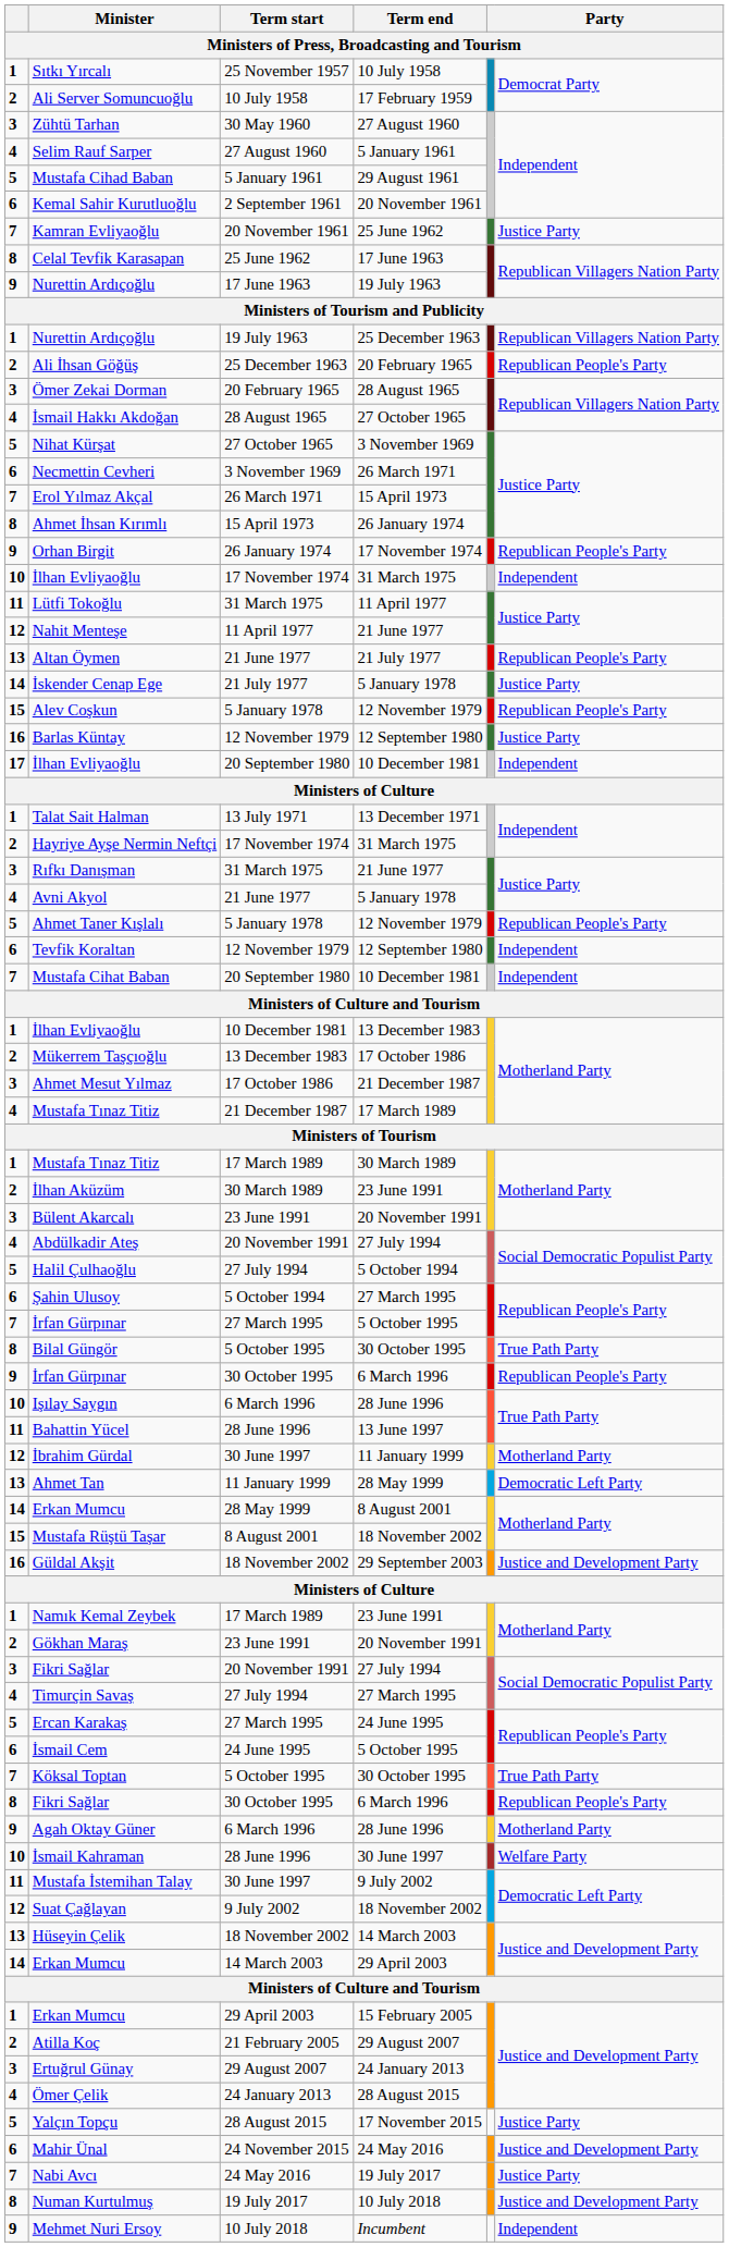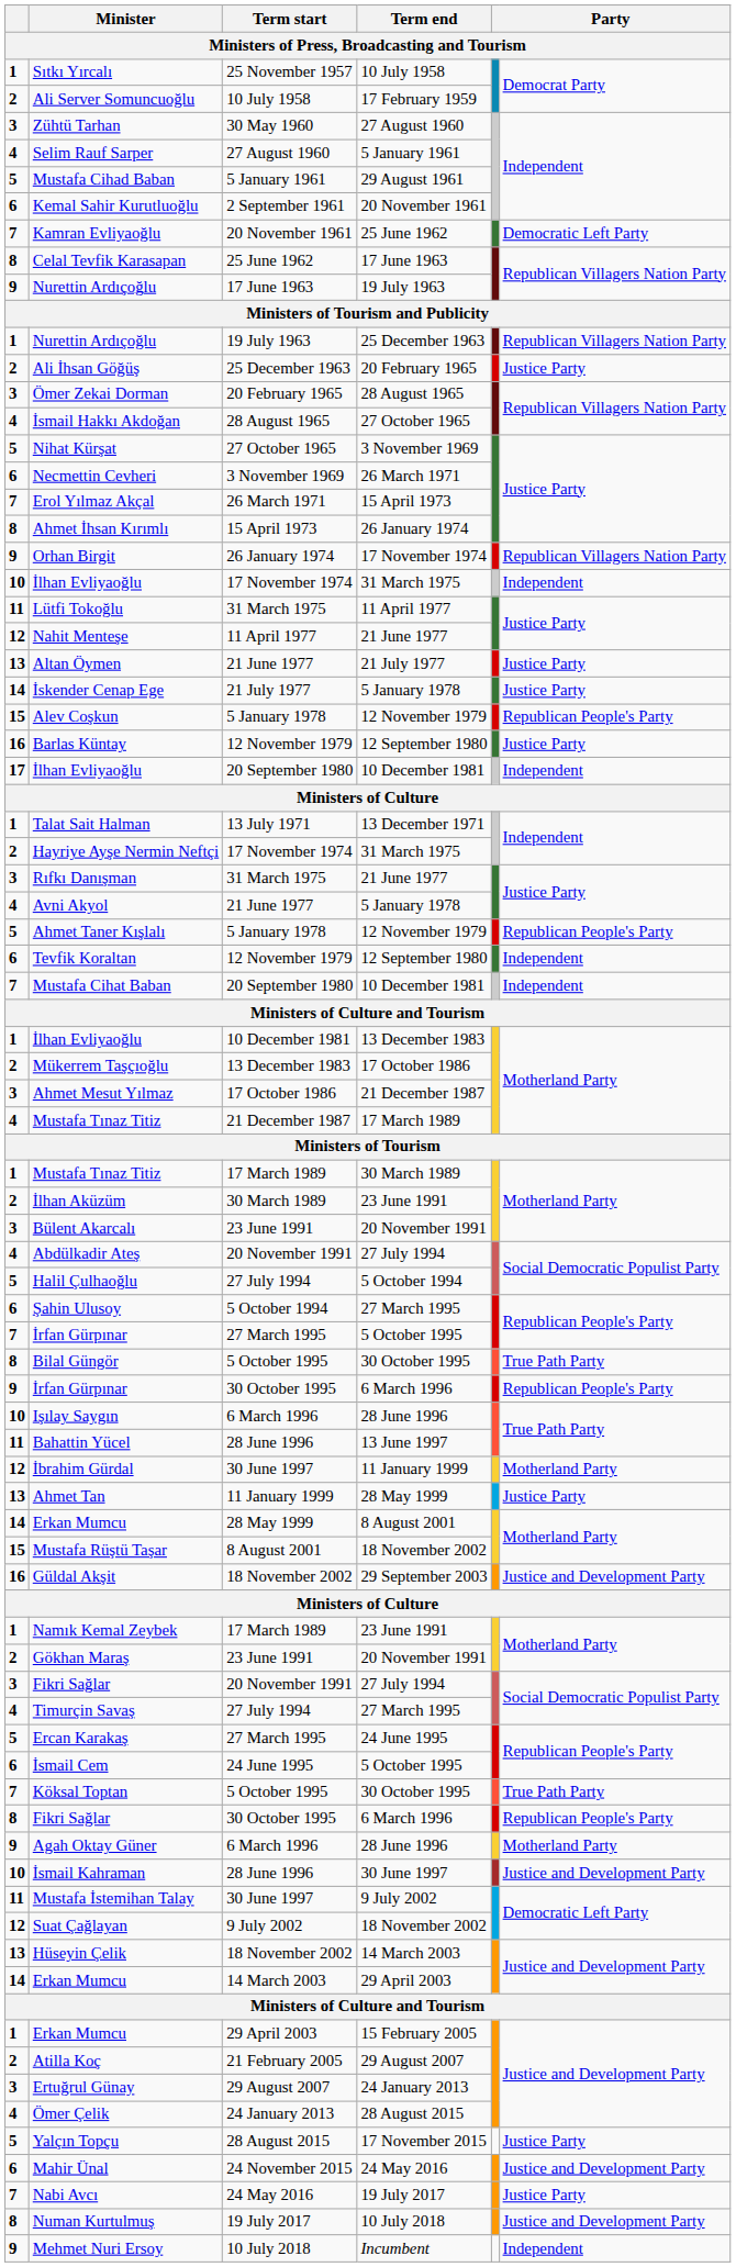 <table class="wikitable sortable" style="font-size:90%;">
 <tr>
 <th></th>
 <th>Minister</th>
 <th>Term start</th>
 <th>Term end</th>
 <th colspan=2>Party</th>
 </tr>
 <tr>
 <th colspan=10>Ministers of Press, Broadcasting and Tourism<br></th>
 </tr>
 <tr>
 <td><strong>1</strong></td>
 <td><a href='#'>Sıtkı Yırcalı</a></td>
 <td>25 November 1957</td>
 <td>10 July 1958</td>
 <td rowspan=2 style="background: #0989B3"></td>
 <td rowspan=2><a href='#'>Democrat Party</a></td>
 </tr>
 <tr>
 <td><strong>2</strong></td>
 <td><a href='#'>Ali Server Somuncuoğlu</a></td>
 <td>10 July 1958</td>
 <td>17 February 1959</td>
 </tr>
 <tr>
 <td><strong>3</strong></td>
 <td><a href='#'>Zühtü Tarhan</a></td>
 <td>30 May 1960</td>
 <td>27 August 1960</td>
 <td rowspan=4 style="background:#CCCCCC"></td>
 <td rowspan=4><a href='#'>Independent</a></td>
 </tr>
 <tr>
 <td><strong>4</strong></td>
 <td><a href='#'>Selim Rauf Sarper</a></td>
 <td>27 August 1960</td>
 <td>5 January 1961</td>
 </tr>
 <tr>
 <td><strong>5</strong></td>
 <td><a href='#'>Mustafa Cihad Baban</a></td>
 <td>5 January 1961</td>
 <td>29 August 1961</td>
 </tr>
 <tr>
 <td><strong>6</strong></td>
 <td><a href='#'>Kemal Sahir Kurutluoğlu</a></td>
 <td>2 September 1961</td>
 <td>20 November 1961</td>
 </tr>
 <tr>
 <td><strong>7</strong></td>
 <td><a href='#'>Kamran Evliyaoğlu</a></td>
 <td>20 November 1961</td>
 <td>25 June 1962</td>
 <td style="background: #367534"></td>
-<td><a href='#'>Justice Party</a></td>
+<td><a href='#'>Democratic Left Party</a></td>
 </tr>
 <tr>
 <td><strong>8</strong></td>
 <td><a href='#'>Celal Tevfik Karasapan</a></td>
 <td>25 June 1962</td>
 <td>17 June 1963</td>
 <td rowspan=2 style="background: #610B0B"></td>
 <td rowspan=2><a href='#'>Republican Villagers Nation Party</a></td>
 </tr>
 <tr>
 <td><strong>9</strong></td>
 <td><a href='#'>Nurettin Ardıçoğlu</a></td>
 <td>17 June 1963</td>
 <td>19 July 1963</td>
 </tr>
 <tr>
 <th colspan=10>Ministers of Tourism and Publicity<br></th>
 </tr>
 <tr>
 <td><strong>1</strong></td>
 <td><a href='#'>Nurettin Ardıçoğlu</a></td>
 <td>19 July 1963</td>
 <td>25 December 1963</td>
 <td style="background: #610B0B"></td>
 <td><a href='#'>Republican Villagers Nation Party</a></td>
 </tr>
 <tr>
 <td><strong>2</strong></td>
 <td><a href='#'>Ali İhsan Göğüş</a></td>
 <td>25 December 1963</td>
 <td>20 February 1965</td>
 <td style="background: #D70000"></td>
-<td><a href='#'>Republican People's Party</a></td>
+<td><a href='#'>Justice Party</a></td>
 </tr>
 <tr>
 <td><strong>3</strong></td>
 <td><a href='#'>Ömer Zekai Dorman</a></td>
 <td>20 February 1965</td>
 <td>28 August 1965</td>
 <td rowspan=2 style="background: #610B0B"></td>
 <td rowspan=2><a href='#'>Republican Villagers Nation Party</a></td>
 </tr>
 <tr>
 <td><strong>4</strong></td>
 <td><a href='#'>İsmail Hakkı Akdoğan</a></td>
 <td>28 August 1965</td>
 <td>27 October 1965</td>
 </tr>
 <tr>
 <td><strong>5</strong></td>
 <td><a href='#'>Nihat Kürşat</a></td>
 <td>27 October 1965</td>
 <td>3 November 1969</td>
 <td rowspan=4 style="background: #367534"></td>
 <td rowspan=4><a href='#'>Justice Party</a></td>
 </tr>
 <tr>
 <td><strong>6</strong></td>
 <td><a href='#'>Necmettin Cevheri</a></td>
 <td>3 November 1969</td>
 <td>26 March 1971</td>
 </tr>
 <tr>
 <td><strong>7</strong></td>
 <td><a href='#'>Erol Yılmaz Akçal</a></td>
 <td>26 March 1971</td>
 <td>15 April 1973</td>
 </tr>
 <tr>
 <td><strong>8</strong></td>
 <td><a href='#'>Ahmet İhsan Kırımlı</a></td>
 <td>15 April 1973</td>
 <td>26 January 1974</td>
 </tr>
 <tr>
 <td><strong>9</strong></td>
 <td><a href='#'>Orhan Birgit</a></td>
 <td>26 January 1974</td>
 <td>17 November 1974</td>
 <td style="background: #D70000"></td>
-<td><a href='#'>Republican People's Party</a></td>
+<td><a href='#'>Republican Villagers Nation Party</a></td>
 </tr>
 <tr>
 <td><strong>10</strong></td>
 <td><a href='#'>İlhan Evliyaoğlu</a></td>
 <td>17 November 1974</td>
 <td>31 March 1975</td>
 <td style="background: #CCCCCC"></td>
 <td><a href='#'>Independent</a></td>
 </tr>
 <tr>
 <td><strong>11</strong></td>
 <td><a href='#'>Lütfi Tokoğlu</a></td>
 <td>31 March 1975</td>
 <td>11 April 1977</td>
 <td rowspan=2 style="background: #367534"></td>
 <td rowspan=2><a href='#'>Justice Party</a></td>
 </tr>
 <tr>
 <td><strong>12</strong></td>
 <td><a href='#'>Nahit Menteşe</a></td>
 <td>11 April 1977</td>
 <td>21 June 1977</td>
 </tr>
 <tr>
 <td><strong>13</strong></td>
 <td><a href='#'>Altan Öymen</a></td>
 <td>21 June 1977</td>
 <td>21 July 1977</td>
 <td style="background: #D70000"></td>
-<td><a href='#'>Republican People's Party</a></td>
+<td><a href='#'>Justice Party</a></td>
 </tr>
 <tr>
 <td><strong>14</strong></td>
 <td><a href='#'>İskender Cenap Ege</a></td>
 <td>21 July 1977</td>
 <td>5 January 1978</td>
 <td style="background: #367534"></td>
 <td><a href='#'>Justice Party</a></td>
 </tr>
 <tr>
 <td><strong>15</strong></td>
 <td><a href='#'>Alev Coşkun</a></td>
 <td>5 January 1978</td>
 <td>12 November 1979</td>
 <td style="background: #D70000"></td>
 <td><a href='#'>Republican People's Party</a></td>
 </tr>
 <tr>
 <td><strong>16</strong></td>
 <td><a href='#'>Barlas Küntay</a></td>
 <td>12 November 1979</td>
 <td>12 September 1980</td>
 <td style="background: #367534"></td>
 <td><a href='#'>Justice Party</a></td>
 </tr>
 <tr>
 <td><strong>17</strong></td>
 <td><a href='#'>İlhan Evliyaoğlu</a></td>
 <td>20 September 1980</td>
 <td>10 December 1981</td>
 <td style="background: #CCCCCC"></td>
 <td><a href='#'>Independent</a></td>
 </tr>
 <tr>
 <th colspan=10>Ministers of Culture<br></th>
 </tr>
 <tr>
 <td><strong>1</strong></td>
 <td><a href='#'>Talat Sait Halman</a></td>
 <td>13 July 1971</td>
 <td>13 December 1971</td>
 <td rowspan=2 style="background: #CCCCCC"></td>
 <td rowspan=2><a href='#'>Independent</a></td>
 </tr>
 <tr>
 <td><strong>2</strong></td>
 <td><a href='#'>Hayriye Ayşe Nermin Neftçi</a></td>
 <td>17 November 1974</td>
 <td>31 March 1975</td>
 </tr>
 <tr>
 <td><strong>3</strong></td>
 <td><a href='#'>Rıfkı Danışman</a></td>
 <td>31 March 1975</td>
 <td>21 June 1977</td>
 <td rowspan=2 style="background: #367534"></td>
 <td rowspan=2><a href='#'>Justice Party</a></td>
 </tr>
 <tr>
 <td><strong>4</strong></td>
 <td><a href='#'>Avni Akyol</a></td>
 <td>21 June 1977</td>
 <td>5 January 1978</td>
 </tr>
 <tr>
 <td><strong>5</strong></td>
 <td><a href='#'>Ahmet Taner Kışlalı</a></td>
 <td>5 January 1978</td>
 <td>12 November 1979</td>
 <td style="background: #D70000"></td>
 <td><a href='#'>Republican People's Party</a></td>
 </tr>
 <tr>
 <td><strong>6</strong></td>
 <td><a href='#'>Tevfik Koraltan</a></td>
 <td>12 November 1979</td>
 <td>12 September 1980</td>
 <td style="background: #367534"></td>
 <td><a href='#'>Independent</a></td>
 </tr>
 <tr>
 <td><strong>7</strong></td>
 <td><a href='#'>Mustafa Cihat Baban</a></td>
 <td>20 September 1980</td>
 <td>10 December 1981</td>
 <td style="background: #CCCCCC"></td>
 <td><a href='#'>Independent</a></td>
 </tr>
 <tr>
 <th colspan=10>Ministers of Culture and Tourism<br></th>
 </tr>
 <tr>
 <td><strong>1</strong></td>
 <td><a href='#'>İlhan Evliyaoğlu</a></td>
 <td>10 December 1981</td>
 <td>13 December 1983</td>
 <td rowspan=4 style="background: #FAD032"></td>
 <td rowspan=4><a href='#'>Motherland Party</a></td>
 </tr>
 <tr>
 <td><strong>2</strong></td>
 <td><a href='#'>Mükerrem Taşçıoğlu</a></td>
 <td>13 December 1983</td>
 <td>17 October 1986</td>
 </tr>
 <tr>
 <td><strong>3</strong></td>
 <td><a href='#'>Ahmet Mesut Yılmaz</a></td>
 <td>17 October 1986</td>
 <td>21 December 1987</td>
 </tr>
 <tr>
 <td><strong>4</strong></td>
 <td><a href='#'>Mustafa Tınaz Titiz</a></td>
 <td>21 December 1987</td>
 <td>17 March 1989</td>
 </tr>
 <tr>
 <th colspan=10>Ministers of Tourism<br></th>
 </tr>
 <tr>
 <td><strong>1</strong></td>
 <td><a href='#'>Mustafa Tınaz Titiz</a></td>
 <td>17 March 1989</td>
 <td>30 March 1989</td>
 <td rowspan=3 style="background: #FAD032"></td>
 <td rowspan=3><a href='#'>Motherland Party</a></td>
 </tr>
 <tr>
 <td><strong>2</strong></td>
 <td><a href='#'>İlhan Aküzüm</a></td>
 <td>30 March 1989</td>
 <td>23 June 1991</td>
 </tr>
 <tr>
 <td><strong>3</strong></td>
 <td><a href='#'>Bülent Akarcalı</a></td>
 <td>23 June 1991</td>
 <td>20 November 1991</td>
 </tr>
 <tr>
 <td><strong>4</strong></td>
 <td><a href='#'>Abdülkadir Ateş</a></td>
 <td>20 November 1991</td>
 <td>27 July 1994</td>
 <td rowspan=2 style="background: #CD5C5C"></td>
 <td rowspan=2><a href='#'>Social Democratic Populist Party</a></td>
 </tr>
 <tr>
 <td><strong>5</strong></td>
 <td><a href='#'>Halil Çulhaoğlu</a></td>
 <td>27 July 1994</td>
 <td>5 October 1994</td>
 </tr>
 <tr>
 <td><strong>6</strong></td>
 <td><a href='#'>Şahin Ulusoy</a></td>
 <td>5 October 1994</td>
 <td>27 March 1995</td>
 <td rowspan=2 style="background: #D70000"></td>
 <td rowspan=2><a href='#'>Republican People's Party</a></td>
 </tr>
 <tr>
 <td><strong>7</strong></td>
 <td><a href='#'>İrfan Gürpınar</a></td>
 <td>27 March 1995</td>
 <td>5 October 1995</td>
 </tr>
 <tr>
 <td><strong>8</strong></td>
 <td><a href='#'>Bilal Güngör</a></td>
 <td>5 October 1995</td>
 <td>30 October 1995</td>
 <td style="background: #FF5138"></td>
 <td><a href='#'>True Path Party</a></td>
 </tr>
 <tr>
 <td><strong>9</strong></td>
 <td><a href='#'>İrfan Gürpınar</a></td>
 <td>30 October 1995</td>
 <td>6 March 1996</td>
 <td style="background: #D70000"></td>
 <td><a href='#'>Republican People's Party</a></td>
 </tr>
 <tr>
 <td><strong>10</strong></td>
 <td><a href='#'>Işılay Saygın</a></td>
 <td>6 March 1996</td>
 <td>28 June 1996</td>
 <td rowspan=2 style="background: #FF5138"></td>
 <td rowspan=2><a href='#'>True Path Party</a></td>
 </tr>
 <tr>
 <td><strong>11</strong></td>
 <td><a href='#'>Bahattin Yücel</a></td>
 <td>28 June 1996</td>
 <td>13 June 1997</td>
 </tr>
 <tr>
 <td><strong>12</strong></td>
 <td><a href='#'>İbrahim Gürdal</a></td>
 <td>30 June 1997</td>
 <td>11 January 1999</td>
 <td style="background: #FAD032"></td>
 <td><a href='#'>Motherland Party</a></td>
 </tr>
 <tr>
 <td><strong>13</strong></td>
 <td><a href='#'>Ahmet Tan</a></td>
 <td>11 January 1999</td>
 <td>28 May 1999</td>
 <td style="background: #01A7E1"></td>
-<td><a href='#'>Democratic Left Party</a></td>
+<td><a href='#'>Justice Party</a></td>
 </tr>
 <tr>
 <td><strong>14</strong></td>
 <td><a href='#'>Erkan Mumcu</a></td>
 <td>28 May 1999</td>
 <td>8 August 2001</td>
 <td rowspan=2 style="background: #FAD032"></td>
 <td rowspan=2><a href='#'>Motherland Party</a></td>
 </tr>
 <tr>
 <td><strong>15</strong></td>
 <td><a href='#'>Mustafa Rüştü Taşar</a></td>
 <td>8 August 2001</td>
 <td>18 November 2002</td>
 </tr>
 <tr>
 <td><strong>16</strong></td>
 <td><a href='#'>Güldal Akşit</a></td>
 <td>18 November 2002</td>
 <td>29 September 2003</td>
 <td style="background: #FF9901"></td>
 <td><a href='#'>Justice and Development Party</a></td>
 </tr>
 <tr>
 <th colspan=10>Ministers of Culture<br></th>
 </tr>
 <tr>
 <td><strong>1</strong></td>
 <td><a href='#'>Namık Kemal Zeybek</a></td>
 <td>17 March 1989</td>
 <td>23 June 1991</td>
 <td rowspan=2 style="background: #FAD032"></td>
 <td rowspan=2><a href='#'>Motherland Party</a></td>
 </tr>
 <tr>
 <td><strong>2</strong></td>
 <td><a href='#'>Gökhan Maraş</a></td>
 <td>23 June 1991</td>
 <td>20 November 1991</td>
 </tr>
 <tr>
 <td><strong>3</strong></td>
 <td><a href='#'>Fikri Sağlar</a></td>
 <td>20 November 1991</td>
 <td>27 July 1994</td>
 <td rowspan=2 style="background: #CD5C5C"></td>
 <td rowspan=2><a href='#'>Social Democratic Populist Party</a></td>
 </tr>
 <tr>
 <td><strong>4</strong></td>
 <td><a href='#'>Timurçin Savaş</a></td>
 <td>27 July 1994</td>
 <td>27 March 1995</td>
 </tr>
 <tr>
 <td><strong>5</strong></td>
 <td><a href='#'>Ercan Karakaş</a></td>
 <td>27 March 1995</td>
 <td>24 June 1995</td>
 <td rowspan=2 style="background: #D70000"></td>
 <td rowspan=2><a href='#'>Republican People's Party</a></td>
 </tr>
 <tr>
 <td><strong>6</strong></td>
 <td><a href='#'>İsmail Cem</a></td>
 <td>24 June 1995</td>
 <td>5 October 1995</td>
 </tr>
 <tr>
 <td><strong>7</strong></td>
 <td><a href='#'>Köksal Toptan</a></td>
 <td>5 October 1995</td>
 <td>30 October 1995</td>
 <td style="background: #FF5138"></td>
 <td><a href='#'>True Path Party</a></td>
 </tr>
 <tr>
 <td><strong>8</strong></td>
 <td><a href='#'>Fikri Sağlar</a></td>
 <td>30 October 1995</td>
 <td>6 March 1996</td>
 <td style="background: #D70000"></td>
 <td><a href='#'>Republican People's Party</a></td>
 </tr>
 <tr>
 <td><strong>9</strong></td>
 <td><a href='#'>Agah Oktay Güner</a></td>
 <td>6 March 1996</td>
 <td>28 June 1996</td>
 <td style="background: #FAD032"></td>
 <td><a href='#'>Motherland Party</a></td>
 </tr>
 <tr>
 <td><strong>10</strong></td>
 <td><a href='#'>İsmail Kahraman</a></td>
 <td>28 June 1996</td>
 <td>30 June 1997</td>
 <td style="background: #A52A2A"></td>
-<td><a href='#'>Welfare Party</a></td>
+<td><a href='#'>Justice and Development Party</a></td>
 </tr>
 <tr>
 <td><strong>11</strong></td>
 <td><a href='#'>Mustafa İstemihan Talay</a></td>
 <td>30 June 1997</td>
 <td>9 July 2002</td>
 <td rowspan=2 style="background: #01A7E1"></td>
 <td rowspan=2><a href='#'>Democratic Left Party</a></td>
 </tr>
 <tr>
 <td><strong>12</strong></td>
 <td><a href='#'>Suat Çağlayan</a></td>
 <td>9 July 2002</td>
 <td>18 November 2002</td>
 </tr>
 <tr>
 <td><strong>13</strong></td>
 <td><a href='#'>Hüseyin Çelik</a></td>
 <td>18 November 2002</td>
 <td>14 March 2003</td>
 <td rowspan=2 style="background: #FF9901"></td>
 <td rowspan=2><a href='#'>Justice and Development Party</a></td>
 </tr>
 <tr>
 <td><strong>14</strong></td>
 <td><a href='#'>Erkan Mumcu</a></td>
 <td>14 March 2003</td>
 <td>29 April 2003</td>
 </tr>
 <tr>
 <th colspan=10>Ministers of Culture and Tourism<br></th>
 </tr>
 <tr>
 <td><strong>1</strong></td>
 <td><a href='#'>Erkan Mumcu</a></td>
 <td>29 April 2003</td>
 <td>15 February 2005</td>
 <td rowspan=4 style="background: #FF9901"></td>
 <td rowspan=4><a href='#'>Justice and Development Party</a></td>
 </tr>
 <tr>
 <td><strong>2</strong></td>
 <td><a href='#'>Atilla Koç</a></td>
 <td>21 February 2005</td>
 <td>29 August 2007</td>
 </tr>
 <tr>
 <td><strong>3</strong></td>
 <td><a href='#'>Ertuğrul Günay</a></td>
 <td>29 August 2007</td>
 <td>24 January 2013</td>
 </tr>
 <tr>
 <td><strong>4</strong></td>
 <td><a href='#'>Ömer Çelik</a></td>
 <td>24 January 2013</td>
 <td>28 August 2015</td>
 </tr>
 <tr>
 <td><strong>5</strong></td>
 <td><a href='#'>Yalçın Topçu</a></td>
 <td>28 August 2015</td>
 <td>17 November 2015</td>
 <td style="background: "></td>
 <td><a href='#'>Justice Party</a></td>
 </tr>
 <tr>
 <td><strong>6</strong></td>
 <td><a href='#'>Mahir Ünal</a></td>
 <td>24 November 2015</td>
 <td>24 May 2016</td>
 <td style="background: #FF9901"></td>
 <td><a href='#'>Justice and Development Party</a></td>
 </tr>
 <tr>
 <td><strong>7</strong></td>
 <td><a href='#'>Nabi Avcı</a></td>
 <td>24 May 2016</td>
 <td>19 July 2017</td>
 <td style="background: #FF9901"></td>
 <td><a href='#'>Justice Party</a></td>
 </tr>
 <tr>
 <td><strong>8</strong></td>
 <td><a href='#'>Numan Kurtulmuş</a></td>
 <td>19 July 2017</td>
 <td>10 July 2018</td>
 <td style="background: #FF9901"></td>
 <td><a href='#'>Justice and Development Party</a></td>
 </tr>
 <tr>
 <td><strong>9</strong></td>
 <td><a href='#'>Mehmet Nuri Ersoy</a></td>
 <td>10 July 2018</td>
 <td><em>Incumbent</em></td>
 <td style="background: "></td>
 <td><a href='#'>Independent</a></td>
 </tr>
 </table>
